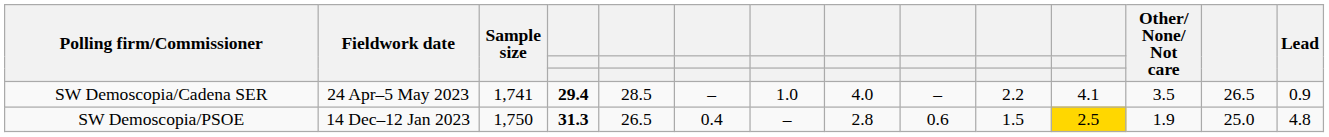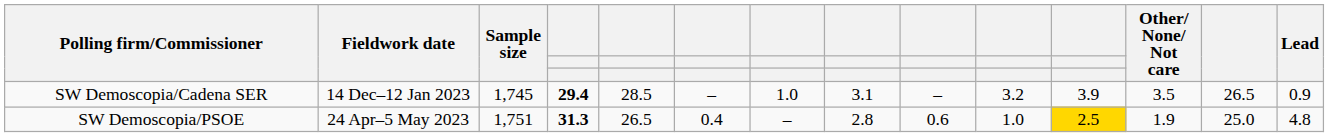 <table class="wikitable collapsible collapsed" style="text-align:center; font-size:90%; line-height:14px;">
 <tr style="height:42px;">
 <th style="width:250px;" rowspan="3">Polling firm/Commissioner</th>
 <th style="width:125px;" rowspan="3">Fieldwork date</th>
 <th style="width:50px;" rowspan="3">Sample size</th>
 <th style="width:35px;"></th>
 <th style="width:55px;"></th>
 <th style="width:55px;"></th>
 <th style="width:55px;"></th>
 <th style="width:55px;"></th>
 <th style="width:55px;"></th>
 <th style="width:55px;"></th>
 <th style="width:55px;"></th>
 <th style="width:55px;" rowspan="3">Other/<br>None/<br>Not<br>care</th>
 <th style="width:55px;" rowspan="3"></th>
 <th style="width:30px;" rowspan="3">Lead</th>
 </tr>
 <tr>
 <th style="color:inherit;background:"></th>
 <th style="color:inherit;background:"></th>
 <th style="color:inherit;background:"></th>
 <th style="color:inherit;background:"></th>
 <th style="color:inherit;background:"></th>
 <th style="color:inherit;background:"></th>
 <th style="color:inherit;background:"></th>
 <th style="color:inherit;background:"></th>
 </tr>
 <tr>
 <th></th>
 <th></th>
 <th></th>
 <th></th>
 <th></th>
 <th></th>
 <th></th>
 <th></th>
 </tr>
 <tr>
 <td>SW Demoscopia/Cadena SER</td>
-<td>24 Apr–5 May 2023</td>
-<td>1,741</td>
+<td>14 Dec–12 Jan 2023</td>
+<td>1,745</td>
 <td><strong>29.4</strong></td>
 <td>28.5</td>
 <td>–</td>
 <td>1.0</td>
-<td>4.0</td>
+<td>3.1</td>
 <td>–</td>
-<td>2.2</td>
-<td>4.1</td>
+<td>3.2</td>
+<td>3.9</td>
 <td>3.5</td>
 <td>26.5</td>
 <td style="background:">0.9</td>
 </tr>
 <tr>
 <td>SW Demoscopia/PSOE</td>
-<td>14 Dec–12 Jan 2023</td>
-<td>1,750</td>
+<td>24 Apr–5 May 2023</td>
+<td>1,751</td>
 <td><strong>31.3</strong></td>
 <td>26.5</td>
 <td>0.4</td>
 <td>–</td>
 <td>2.8</td>
 <td>0.6</td>
-<td>1.5</td>
+<td>1.0</td>
 <td style="background: gold;">2.5</td>
 <td>1.9</td>
 <td>25.0</td>
 <td style="background:">4.8</td>
 </tr>
 </table>
